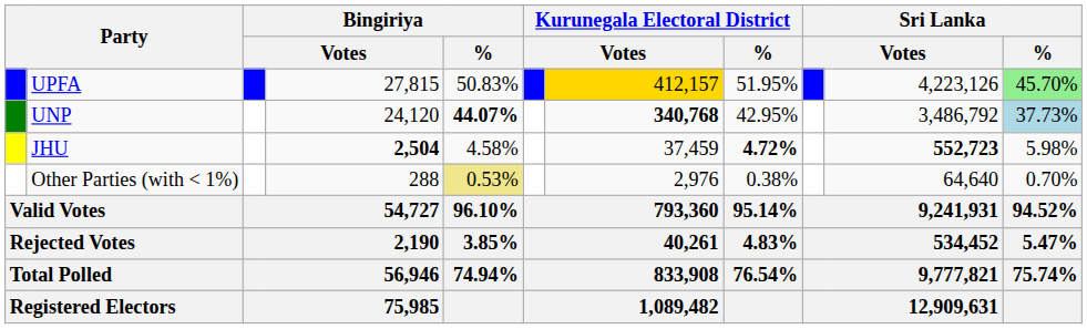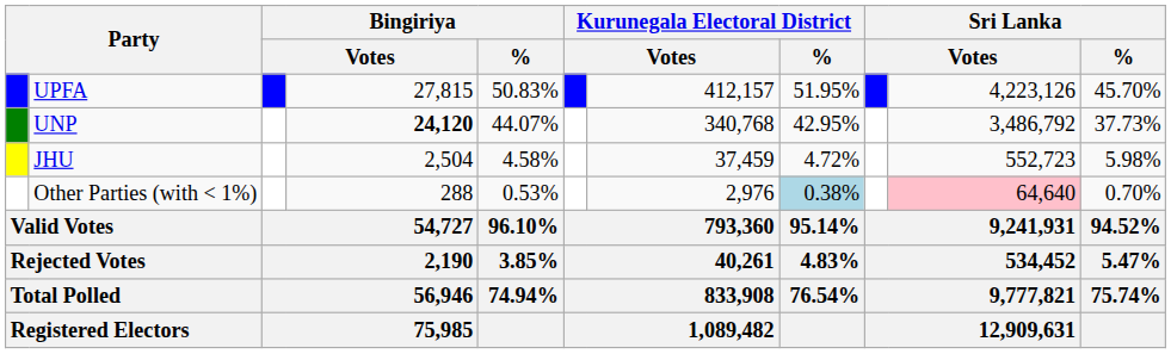 <table class="wikitable">
 <tr>
 <th colspan="2" width="144px"rowspan="2">Party</th>
 <th colspan="3" width="216px">Bingiriya</th>
 <th colspan="3" width="216px"><a href='#'>Kurunegala Electoral District</a></th>
 <th colspan="3" width="216px">Sri Lanka</th>
 </tr>
 <tr>
 <th colspan="2" width="144px">Votes</th>
 <th>%</th>
 <th colspan="2" width="144px">Votes</th>
 <th>%</th>
 <th colspan="2" width="144px">Votes</th>
 <th>%</th>
 </tr>
 <tr>
 <td style="background-color:blue;" width="10px"></td>
 <td style="text-align:left;"><a href='#'>UPFA</a></td>
 <td style="background-color:blue;" width="10px"></td>
 <td style="text-align:right;">27,815</td>
 <td style="text-align:right;">50.83%</td>
 <td style="background-color:blue;" width="10px"></td>
-<td style="background: gold; text-align:right;">412,157</td>
+<td style="text-align:right;">412,157</td>
 <td style="text-align:right;">51.95%</td>
 <td style="background-color:blue;" width="10px"></td>
 <td style="text-align:right;">4,223,126</td>
-<td style="background: lightgreen; text-align:right;">45.70%</td>
+<td style="text-align:right;">45.70%</td>
 </tr>
 <tr>
 <td style="background-color:green;" width="10px"></td>
 <td style="text-align:left;"><a href='#'>UNP</a></td>
 <td style="background-color:white;" width="10px"></td>
-<td style="text-align:right;">24,120</td>
-<td style="text-align:right;"><strong>44.07%</strong></td>
+<td style="text-align:right;"><strong>24,120</strong></td>
+<td style="text-align:right;">44.07%</td>
 <td style="background-color:white;" width="10px"></td>
-<td style="text-align:right;"><strong>340,768</strong></td>
+<td style="text-align:right;">340,768</td>
 <td style="text-align:right;">42.95%</td>
 <td style="background-color:white;" width="10px"></td>
 <td style="text-align:right;">3,486,792</td>
-<td style="background: lightblue; text-align:right;">37.73%</td>
+<td style="text-align:right;">37.73%</td>
 </tr>
 <tr>
 <td style="background-color:yellow;" width="10px"></td>
 <td style="text-align:left;"><a href='#'>JHU</a></td>
 <td style="background-color:white;" width="10px"></td>
-<td style="text-align:right;"><strong>2,504</strong></td>
+<td style="text-align:right;">2,504</td>
 <td style="text-align:right;">4.58%</td>
 <td style="background-color:white;" width="10px"></td>
 <td style="text-align:right;">37,459</td>
-<td style="text-align:right;"><strong>4.72%</strong></td>
+<td style="text-align:right;">4.72%</td>
 <td style="background-color:white;" width="10px"></td>
-<td style="text-align:right;"><strong>552,723</strong></td>
+<td style="text-align:right;">552,723</td>
 <td style="text-align:right;">5.98%</td>
 </tr>
 <tr>
 <td style="background-color:white;" width="10px"></td>
 <td style="text-align:left;">Other Parties (with < 1%)</td>
 <td style="background-color:white;" width="10px"></td>
 <td style="text-align:right;">288</td>
-<td style="background: khaki; text-align:right;">0.53%</td>
+<td style="text-align:right;">0.53%</td>
 <td style="background-color:white;" width="10px"></td>
 <td style="text-align:right;">2,976</td>
-<td style="text-align:right;">0.38%</td>
+<td style="background: lightblue; text-align:right;">0.38%</td>
 <td style="background-color:white;" width="10px"></td>
-<td style="text-align:right;">64,640</td>
+<td style="background: pink; text-align:right;">64,640</td>
 <td style="text-align:right;">0.70%</td>
 </tr>
 <tr>
 <th colspan="2" width="144px"style="text-align:left;">Valid Votes</th>
 <th style="text-align:right;"colspan="2" width="144px">54,727</th>
 <th style="text-align:right;">96.10%</th>
 <th style="text-align:right;"colspan="2" width="144px">793,360</th>
 <th style="text-align:right;">95.14%</th>
 <th style="text-align:right;"colspan="2" width="144px">9,241,931</th>
 <th style="text-align:right;">94.52%</th>
 </tr>
 <tr>
 <th colspan="2" width="144px"style="text-align:left;">Rejected Votes</th>
 <th style="text-align:right;"colspan="2" width="144px">2,190</th>
 <th style="text-align:right;">3.85%</th>
 <th style="text-align:right;"colspan="2" width="144px">40,261</th>
 <th style="text-align:right;">4.83%</th>
 <th style="text-align:right;"colspan="2" width="144px">534,452</th>
 <th style="text-align:right;">5.47%</th>
 </tr>
 <tr>
 <th colspan="2" width="144px"style="text-align:left;">Total Polled</th>
 <th style="text-align:right;"colspan="2" width="144px">56,946</th>
 <th style="text-align:right;">74.94%</th>
 <th style="text-align:right;"colspan="2" width="144px">833,908</th>
 <th style="text-align:right;">76.54%</th>
 <th style="text-align:right;"colspan="2" width="144px">9,777,821</th>
 <th style="text-align:right;">75.74%</th>
 </tr>
 <tr>
 <th colspan="2" width="144px"style="text-align:left;">Registered Electors</th>
 <th style="text-align:right;"colspan="2" width="144px">75,985</th>
 <th></th>
 <th style="text-align:right;"colspan="2" width="144px">1,089,482</th>
 <th></th>
 <th style="text-align:right;"colspan="2" width="144px">12,909,631</th>
 <th></th>
 </tr>
 </table>
